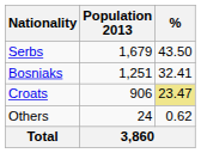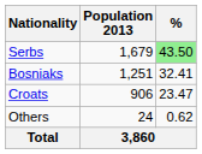 <table class="wikitable sortable">
 <tr>
 <th>Nationality</th>
 <th>Population<br>2013</th>
 <th>%</th>
 </tr>
 <tr>
 <td><a href='#'>Serbs</a></td>
 <td align="right">1,679</td>
-<td align="right">43.50</td>
+<td align="right" style="background: lightgreen;">43.50</td>
 </tr>
 <tr>
 <td><a href='#'>Bosniaks</a></td>
 <td align="right">1,251</td>
 <td align="right">32.41</td>
 </tr>
 <tr>
 <td><a href='#'>Croats</a></td>
 <td align="right">906</td>
-<td align="right" style="background: khaki;">23.47</td>
+<td align="right">23.47</td>
 </tr>
 <tr>
 <td>Others</td>
 <td align="right">24</td>
 <td align="right">0.62</td>
 </tr>
 <tr>
 <th><strong>Total</strong></th>
 <th align="right" colspan=2>3,860</th>
 </tr>
 </table>
